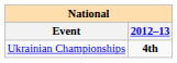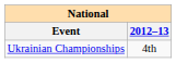 <table class="wikitable" style="text-align:center">
 <tr>
 <th style="background-color: #ffdead; " colspan=2 align=center>National</th>
 </tr>
 <tr>
 <th>Event</th>
 <th><a href='#'>2012–13</a></th>
 </tr>
 <tr>
 <td align=left><a href='#'>Ukrainian Championships</a></td>
-<td><strong>4th</strong></td>
+<td>4th</td>
 </tr>
 </table>
